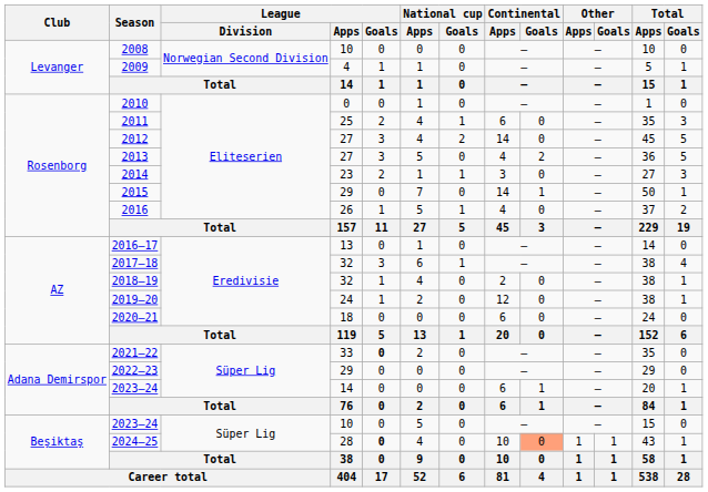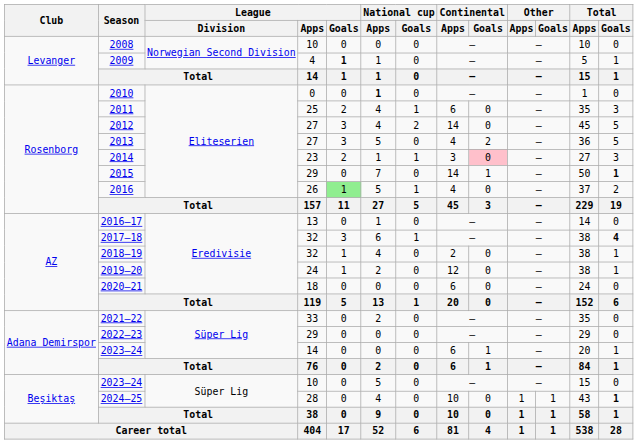 <table class="wikitable" style="text-align: center">
 <tr>
 <th rowspan="2">Club</th>
 <th rowspan="2">Season</th>
 <th colspan="3">League</th>
 <th colspan="2">National cup</th>
 <th colspan="2">Continental</th>
 <th colspan="2">Other</th>
 <th colspan="2">Total</th>
 </tr>
 <tr>
 <th>Division</th>
 <th>Apps</th>
 <th>Goals</th>
 <th>Apps</th>
 <th>Goals</th>
 <th>Apps</th>
 <th>Goals</th>
 <th>Apps</th>
 <th>Goals</th>
 <th>Apps</th>
 <th>Goals</th>
 </tr>
 <tr>
 <td rowspan="3"><a href='#'>Levanger</a></td>
 <td><a href='#'>2008</a></td>
 <td rowspan="2"><a href='#'>Norwegian Second Division</a></td>
 <td>10</td>
 <td>0</td>
 <td>0</td>
 <td>0</td>
 <td colspan="2">–</td>
 <td colspan="2">–</td>
 <td>10</td>
 <td>0</td>
 </tr>
 <tr>
 <td><a href='#'>2009</a></td>
 <td>4</td>
-<td>1</td>
+<td><strong>1</strong></td>
 <td>1</td>
 <td>0</td>
 <td colspan="2">–</td>
 <td colspan="2">–</td>
 <td>5</td>
 <td>1</td>
 </tr>
 <tr>
 <th colspan="2">Total</th>
 <th>14</th>
 <th>1</th>
 <th>1</th>
 <th>0</th>
 <th colspan="2">–</th>
 <th colspan="2">–</th>
 <th>15</th>
 <th>1</th>
 </tr>
 <tr>
 <td rowspan="8"><a href='#'>Rosenborg</a></td>
 <td><a href='#'>2010</a></td>
 <td rowspan="7"><a href='#'>Eliteserien</a></td>
 <td>0</td>
 <td>0</td>
-<td>1</td>
+<td><strong>1</strong></td>
 <td>0</td>
 <td colspan="2">–</td>
 <td colspan="2">–</td>
 <td>1</td>
 <td>0</td>
 </tr>
 <tr>
 <td><a href='#'>2011</a></td>
 <td>25</td>
 <td>2</td>
 <td>4</td>
 <td>1</td>
 <td>6</td>
 <td>0</td>
 <td colspan="2">–</td>
 <td>35</td>
 <td>3</td>
 </tr>
 <tr>
 <td><a href='#'>2012</a></td>
 <td>27</td>
 <td>3</td>
 <td>4</td>
 <td>2</td>
 <td>14</td>
 <td>0</td>
 <td colspan="2">–</td>
 <td>45</td>
 <td>5</td>
 </tr>
 <tr>
 <td><a href='#'>2013</a></td>
 <td>27</td>
 <td>3</td>
 <td>5</td>
 <td>0</td>
 <td>4</td>
 <td>2</td>
 <td colspan="2">–</td>
 <td>36</td>
 <td>5</td>
 </tr>
 <tr>
 <td><a href='#'>2014</a></td>
 <td>23</td>
 <td>2</td>
 <td>1</td>
 <td>1</td>
 <td>3</td>
-<td>0</td>
+<td style="background: pink;">0</td>
 <td colspan="2">–</td>
 <td>27</td>
 <td>3</td>
 </tr>
 <tr>
 <td><a href='#'>2015</a></td>
 <td>29</td>
 <td>0</td>
 <td>7</td>
 <td>0</td>
 <td>14</td>
 <td>1</td>
 <td colspan="2">–</td>
 <td>50</td>
-<td>1</td>
+<td><strong>1</strong></td>
 </tr>
 <tr>
 <td><a href='#'>2016</a></td>
 <td>26</td>
-<td>1</td>
+<td style="background: lightgreen;">1</td>
 <td>5</td>
 <td>1</td>
 <td>4</td>
 <td>0</td>
 <td colspan="2">–</td>
 <td>37</td>
 <td>2</td>
 </tr>
 <tr>
 <th colspan="2">Total</th>
 <th>157</th>
 <th>11</th>
 <th>27</th>
 <th>5</th>
 <th>45</th>
 <th>3</th>
 <th colspan="2">–</th>
 <th>229</th>
 <th>19</th>
 </tr>
 <tr>
 <td rowspan="6"><a href='#'>AZ</a></td>
 <td><a href='#'>2016–17</a></td>
 <td rowspan="5"><a href='#'>Eredivisie</a></td>
 <td>13</td>
 <td>0</td>
 <td>1</td>
 <td>0</td>
 <td colspan="2">–</td>
 <td colspan="2">–</td>
 <td>14</td>
 <td>0</td>
 </tr>
 <tr>
 <td><a href='#'>2017–18</a></td>
 <td>32</td>
 <td>3</td>
 <td>6</td>
 <td>1</td>
 <td colspan="2">–</td>
 <td colspan="2">–</td>
 <td>38</td>
-<td>4</td>
+<td><strong>4</strong></td>
 </tr>
 <tr>
 <td><a href='#'>2018–19</a></td>
 <td>32</td>
 <td>1</td>
 <td>4</td>
 <td>0</td>
 <td>2</td>
 <td>0</td>
 <td colspan="2">–</td>
 <td>38</td>
 <td>1</td>
 </tr>
 <tr>
 <td><a href='#'>2019–20</a></td>
 <td>24</td>
 <td>1</td>
 <td>2</td>
 <td>0</td>
 <td>12</td>
 <td>0</td>
 <td colspan="2">–</td>
 <td>38</td>
 <td>1</td>
 </tr>
 <tr>
 <td><a href='#'>2020–21</a></td>
 <td>18</td>
 <td>0</td>
 <td>0</td>
 <td>0</td>
 <td>6</td>
 <td>0</td>
 <td colspan="2">–</td>
 <td>24</td>
 <td>0</td>
 </tr>
 <tr>
 <th colspan="2">Total</th>
 <th>119</th>
 <th>5</th>
 <th>13</th>
 <th>1</th>
 <th>20</th>
 <th>0</th>
 <th colspan="2">–</th>
 <th>152</th>
 <th>6</th>
 </tr>
 <tr>
 <td rowspan="4"><a href='#'>Adana Demirspor</a></td>
 <td><a href='#'>2021–22</a></td>
 <td rowspan="3"><a href='#'>Süper Lig</a></td>
 <td>33</td>
-<td><strong>0</strong></td>
+<td>0</td>
 <td>2</td>
 <td>0</td>
 <td colspan="2">–</td>
 <td colspan="2">–</td>
 <td>35</td>
 <td>0</td>
 </tr>
 <tr>
 <td><a href='#'>2022–23</a></td>
 <td>29</td>
 <td>0</td>
 <td>0</td>
 <td>0</td>
 <td colspan="2">–</td>
 <td colspan="2">–</td>
 <td>29</td>
 <td>0</td>
 </tr>
 <tr>
 <td><a href='#'>2023–24</a></td>
 <td>14</td>
 <td>0</td>
 <td>0</td>
 <td>0</td>
 <td>6</td>
 <td>1</td>
 <td colspan="2">–</td>
 <td>20</td>
 <td>1</td>
 </tr>
 <tr>
 <th colspan="2">Total</th>
 <th>76</th>
 <th>0</th>
 <th>2</th>
 <th>0</th>
 <th>6</th>
 <th>1</th>
 <th colspan="2">–</th>
 <th>84</th>
 <th>1</th>
 </tr>
 <tr>
 <td rowspan="3"><a href='#'>Beşiktaş</a></td>
 <td><a href='#'>2023–24</a></td>
 <td rowspan="2">Süper Lig</td>
 <td>10</td>
 <td>0</td>
 <td>5</td>
 <td>0</td>
 <td colspan="2">–</td>
 <td colspan="2">–</td>
 <td>15</td>
 <td>0</td>
 </tr>
 <tr>
 <td><a href='#'>2024–25</a></td>
 <td>28</td>
-<td><strong>0</strong></td>
+<td>0</td>
 <td>4</td>
 <td>0</td>
 <td>10</td>
-<td style="background: lightsalmon;">0</td>
+<td>0</td>
 <td>1</td>
 <td>1</td>
 <td>43</td>
-<td>1</td>
+<td><strong>1</strong></td>
 </tr>
 <tr>
 <th colspan="2">Total</th>
 <th>38</th>
 <th>0</th>
 <th>9</th>
 <th>0</th>
 <th>10</th>
 <th>0</th>
 <th>1</th>
 <th>1</th>
 <th>58</th>
 <th>1</th>
 </tr>
 <tr>
 <th colspan="3">Career total</th>
 <th>404</th>
 <th>17</th>
 <th>52</th>
 <th>6</th>
 <th>81</th>
 <th>4</th>
 <th>1</th>
 <th>1</th>
 <th>538</th>
 <th>28</th>
 </tr>
 </table>
